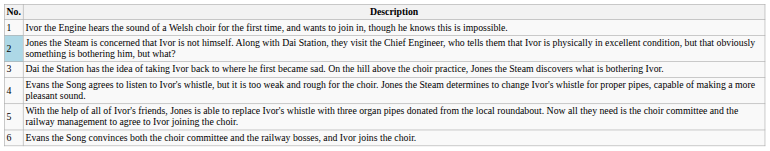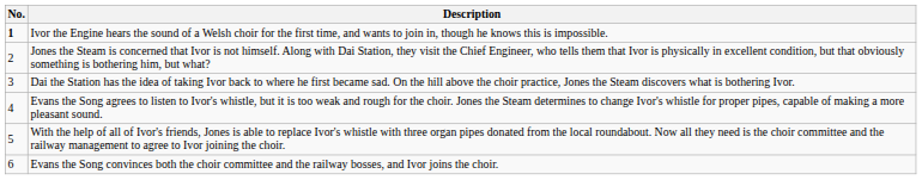 <table class="wikitable">
 <tr>
 <th>No.</th>
 <th>Description</th>
 </tr>
 <tr>
-<td>1</td>
+<td><strong>1</strong></td>
 <td>Ivor the Engine hears the sound of a Welsh choir for the first time, and wants to join in, though he knows this is impossible.</td>
 </tr>
 <tr>
-<td style="background: lightblue;">2</td>
+<td>2</td>
 <td>Jones the Steam is concerned that Ivor is not himself. Along with Dai Station, they visit the Chief Engineer, who tells them that Ivor is physically in excellent condition, but that obviously something is bothering him, but what?</td>
 </tr>
 <tr>
 <td>3</td>
 <td>Dai the Station has the idea of taking Ivor back to where he first became sad. On the hill above the choir practice, Jones the Steam discovers what is bothering Ivor.</td>
 </tr>
 <tr>
 <td>4</td>
 <td>Evans the Song agrees to listen to Ivor's whistle, but it is too weak and rough for the choir. Jones the Steam determines to change Ivor's whistle for proper pipes, capable of making a more pleasant sound.</td>
 </tr>
 <tr>
 <td>5</td>
 <td>With the help of all of Ivor's friends, Jones is able to replace Ivor's whistle with three organ pipes donated from the local roundabout. Now all they need is the choir committee and the railway management to agree to Ivor joining the choir.</td>
 </tr>
 <tr>
 <td>6</td>
 <td>Evans the Song convinces both the choir committee and the railway bosses, and Ivor joins the choir.</td>
 </tr>
 </table>
